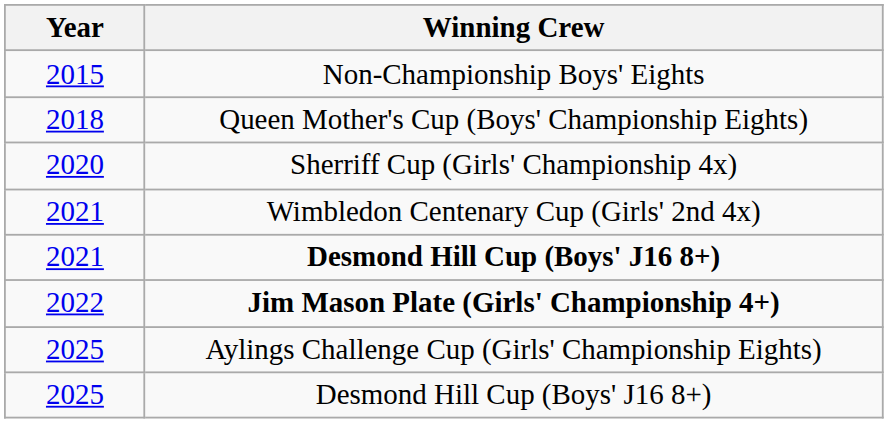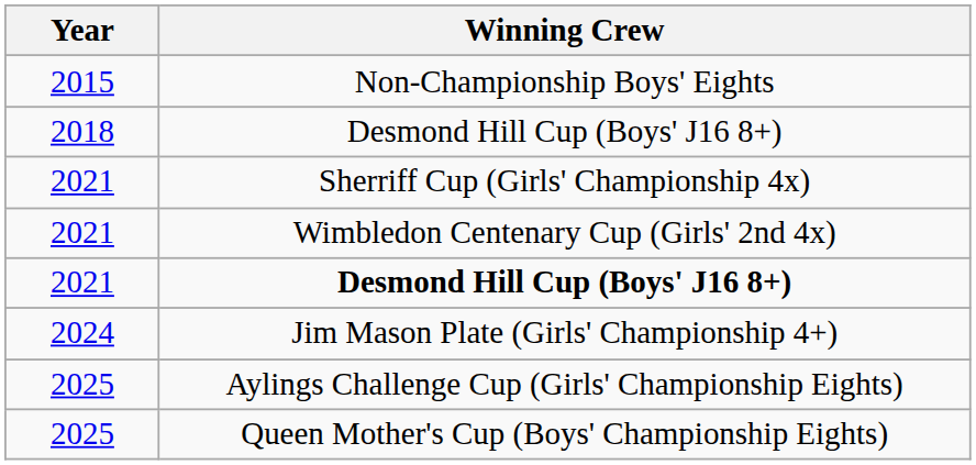 <table class="wikitable" style="text-align:center">
 <tr>
 <th width=70>Year</th>
 <th width=400>Winning Crew</th>
 </tr>
 <tr>
 <td><a href='#'>2015</a></td>
 <td>Non-Championship Boys' Eights</td>
 </tr>
 <tr>
 <td><a href='#'>2018</a></td>
-<td>Queen Mother's Cup (Boys' Championship Eights)</td>
+<td>Desmond Hill Cup (Boys' J16 8+)</td>
 </tr>
 <tr>
-<td><a href='#'>2020</a></td>
+<td><a href='#'>2021</a></td>
 <td>Sherriff Cup (Girls' Championship 4x)</td>
 </tr>
 <tr>
 <td><a href='#'>2021</a></td>
 <td>Wimbledon Centenary Cup (Girls' 2nd 4x)</td>
 </tr>
 <tr>
 <td><a href='#'>2021</a></td>
 <td><strong>Desmond Hill Cup (Boys' J16 8+)</strong></td>
 </tr>
 <tr>
-<td><a href='#'>2022</a></td>
-<td><strong>Jim Mason Plate (Girls' Championship 4+)</strong></td>
+<td><a href='#'>2024</a></td>
+<td>Jim Mason Plate (Girls' Championship 4+)</td>
 </tr>
 <tr>
 <td><a href='#'>2025</a></td>
 <td>Aylings Challenge Cup (Girls' Championship Eights)</td>
 </tr>
 <tr>
 <td><a href='#'>2025</a></td>
-<td>Desmond Hill Cup (Boys' J16 8+)</td>
+<td>Queen Mother's Cup (Boys' Championship Eights)</td>
 </tr>
 </table>
